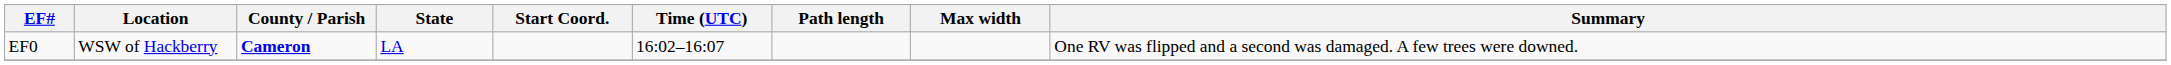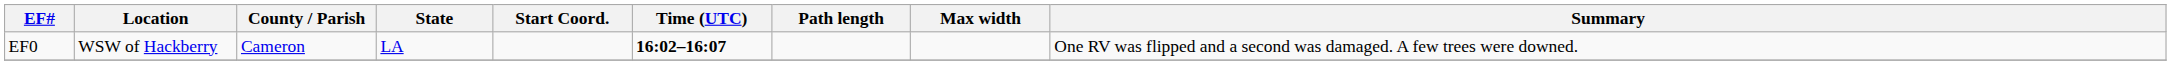 <table class="wikitable sortable" style="width:100%;">
 <tr>
 <th scope="col"  style="width:3%; text-align:center;"><a href='#'>EF#</a></th>
 <th scope="col"  style="width:7%; text-align:center;" class="unsortable">Location</th>
 <th scope="col"  style="width:6%; text-align:center;" class="unsortable">County / Parish</th>
 <th scope="col"  style="width:5%; text-align:center;">State</th>
 <th scope="col"  style="width:6%; text-align:center;">Start Coord.</th>
 <th scope="col"  style="width:6%; text-align:center;">Time (<a href='#'>UTC</a>)</th>
 <th scope="col"  style="width:6%; text-align:center;">Path length</th>
 <th scope="col"  style="width:6%; text-align:center;">Max width</th>
 <th scope="col" class="unsortable" style="width:48%; text-align:center;">Summary</th>
 </tr>
 <tr>
 <td bgcolor=>EF0</td>
 <td>WSW of <a href='#'>Hackberry</a></td>
-<td><strong><a href='#'>Cameron</a></strong></td>
+<td><a href='#'>Cameron</a></td>
 <td><a href='#'>LA</a></td>
 <td></td>
-<td>16:02–16:07</td>
+<td><strong>16:02–16:07</strong></td>
 <td></td>
 <td></td>
 <td>One RV was flipped and a second was damaged. A few trees were downed.</td>
 </tr>
 <tr>
 </tr>
 </table>
